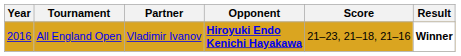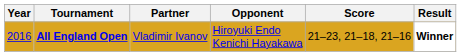 <table class="sortable wikitable" style="font-size: 90%;">
 <tr>
 <th>Year</th>
 <th>Tournament</th>
 <th>Partner</th>
 <th>Opponent</th>
 <th>Score</th>
 <th>Result</th>
 </tr>
 <tr style="background:#DAA520">
 <td align="center"><a href='#'>2016</a></td>
-<td align="left"><a href='#'>All England Open</a></td>
+<td align="left"><strong><a href='#'>All England Open</a></strong></td>
 <td align="left"> <a href='#'>Vladimir Ivanov</a></td>
-<td align="left"><strong> <a href='#'>Hiroyuki Endo</a> <br>  <a href='#'>Kenichi Hayakawa</a></strong></td>
+<td align="left"> <a href='#'>Hiroyuki Endo</a> <br>  <a href='#'>Kenichi Hayakawa</a></td>
 <td align="left">21–23, 21–18, 21–16</td>
 <td style="text-align:left; background:white"> <strong>Winner</strong></td>
 </tr>
 </table>
